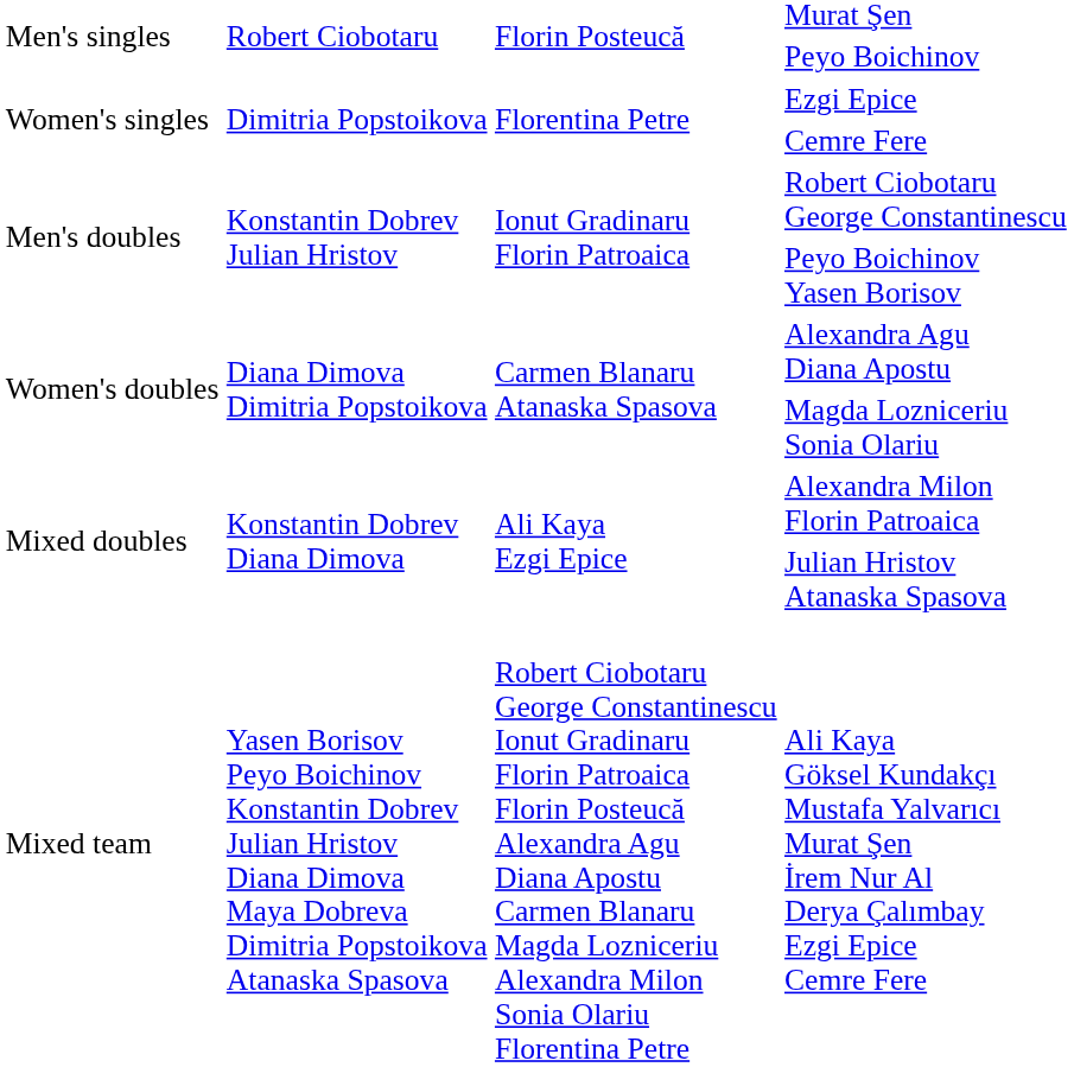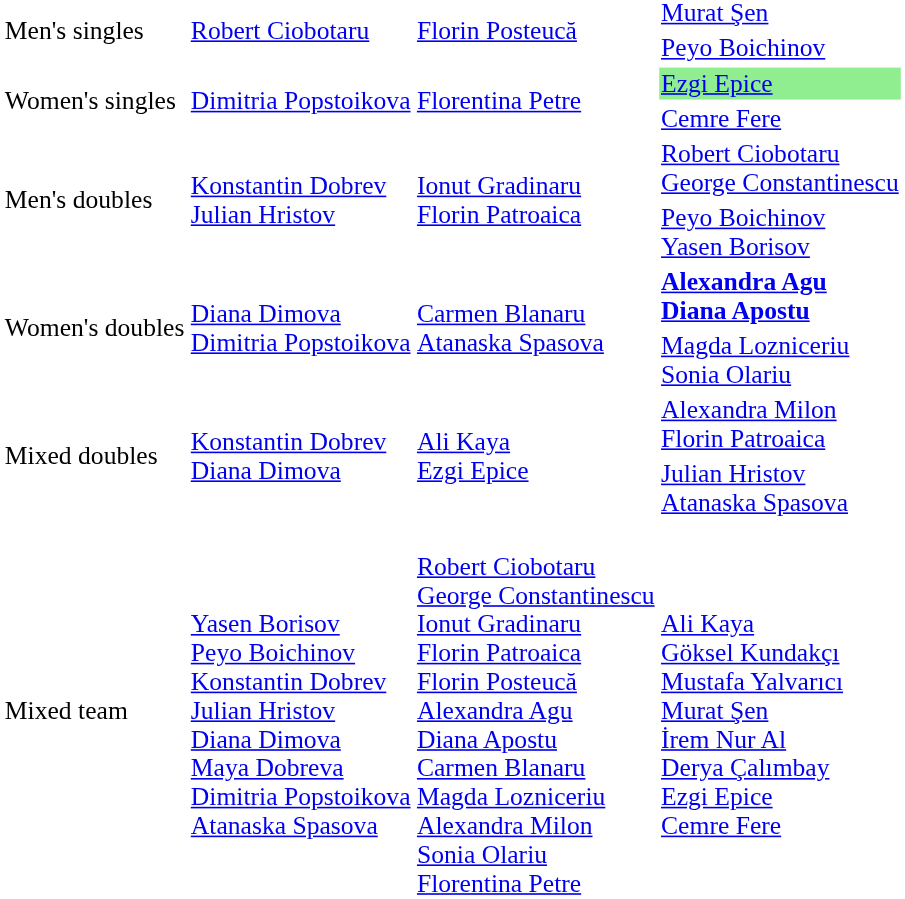 <table>
 <tr>
 <td rowspan="2">Men's singles</td>
 <td rowspan="2"> <a href='#'>Robert Ciobotaru</a></td>
 <td rowspan="2"> <a href='#'>Florin Posteucă</a></td>
 <td> <a href='#'>Murat Şen</a></td>
 </tr>
 <tr>
 <td> <a href='#'>Peyo Boichinov</a></td>
 </tr>
 <tr>
 <td rowspan="2">Women's singles</td>
 <td rowspan="2"> <a href='#'>Dimitria Popstoikova</a></td>
 <td rowspan="2"> <a href='#'>Florentina Petre</a></td>
-<td> <a href='#'>Ezgi Epice</a></td>
+<td style="background: lightgreen;"> <a href='#'>Ezgi Epice</a></td>
 </tr>
 <tr>
 <td> <a href='#'>Cemre Fere</a></td>
 </tr>
 <tr>
 <td rowspan="2">Men's doubles</td>
 <td rowspan="2"> <a href='#'>Konstantin Dobrev</a><br> <a href='#'>Julian Hristov</a></td>
 <td rowspan="2"> <a href='#'>Ionut Gradinaru</a><br> <a href='#'>Florin Patroaica</a></td>
 <td> <a href='#'>Robert Ciobotaru</a><br> <a href='#'>George Constantinescu</a></td>
 </tr>
 <tr>
 <td> <a href='#'>Peyo Boichinov</a><br> <a href='#'>Yasen Borisov</a></td>
 </tr>
 <tr>
 <td rowspan="2">Women's doubles</td>
 <td rowspan="2"> <a href='#'>Diana Dimova</a><br> <a href='#'>Dimitria Popstoikova</a></td>
 <td rowspan="2"> <a href='#'>Carmen Blanaru</a><br> <a href='#'>Atanaska Spasova</a></td>
-<td> <a href='#'>Alexandra Agu</a><br> <a href='#'>Diana Apostu</a></td>
+<td><strong> <a href='#'>Alexandra Agu</a><br> <a href='#'>Diana Apostu</a></strong></td>
 </tr>
 <tr>
 <td> <a href='#'>Magda Lozniceriu</a><br> <a href='#'>Sonia Olariu</a></td>
 </tr>
 <tr>
 <td rowspan="2">Mixed doubles</td>
 <td rowspan="2"> <a href='#'>Konstantin Dobrev</a><br> <a href='#'>Diana Dimova</a></td>
 <td rowspan="2"> <a href='#'>Ali Kaya</a><br> <a href='#'>Ezgi Epice</a></td>
 <td> <a href='#'>Alexandra Milon</a><br> <a href='#'>Florin Patroaica</a></td>
 </tr>
 <tr>
 <td> <a href='#'>Julian Hristov</a><br> <a href='#'>Atanaska Spasova</a></td>
 </tr>
 <tr>
 <td>Mixed team</td>
 <td><br><a href='#'>Yasen Borisov</a><br><a href='#'>Peyo Boichinov</a><br><a href='#'>Konstantin Dobrev</a><br><a href='#'>Julian Hristov</a><br><a href='#'>Diana Dimova</a><br><a href='#'>Maya Dobreva</a><br><a href='#'>Dimitria Popstoikova</a><br><a href='#'>Atanaska Spasova</a></td>
 <td><br><a href='#'>Robert Ciobotaru</a><br><a href='#'>George Constantinescu</a><br><a href='#'>Ionut Gradinaru</a><br><a href='#'>Florin Patroaica</a><br><a href='#'>Florin Posteucă</a><br><a href='#'>Alexandra Agu</a><br><a href='#'>Diana Apostu</a><br><a href='#'>Carmen Blanaru</a><br><a href='#'>Magda Lozniceriu</a><br><a href='#'>Alexandra Milon</a><br><a href='#'>Sonia Olariu</a><br><a href='#'>Florentina Petre</a></td>
 <td><br><a href='#'>Ali Kaya</a><br><a href='#'>Göksel Kundakçı</a><br><a href='#'>Mustafa Yalvarıcı</a><br><a href='#'>Murat Şen</a><br><a href='#'>İrem Nur Al</a><br><a href='#'>Derya Çalımbay</a><br><a href='#'>Ezgi Epice</a><br><a href='#'>Cemre Fere</a></td>
 </tr>
 </table>
